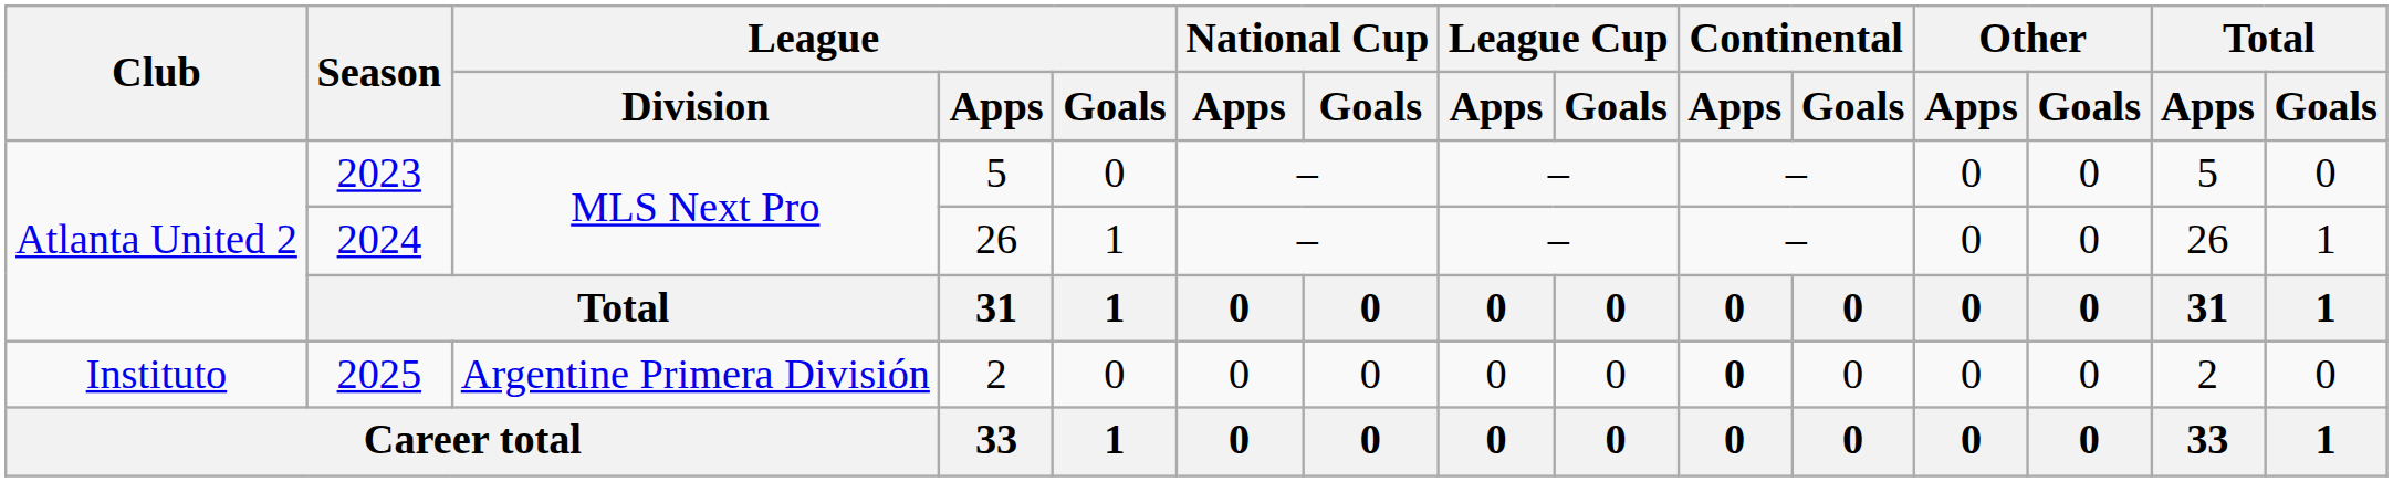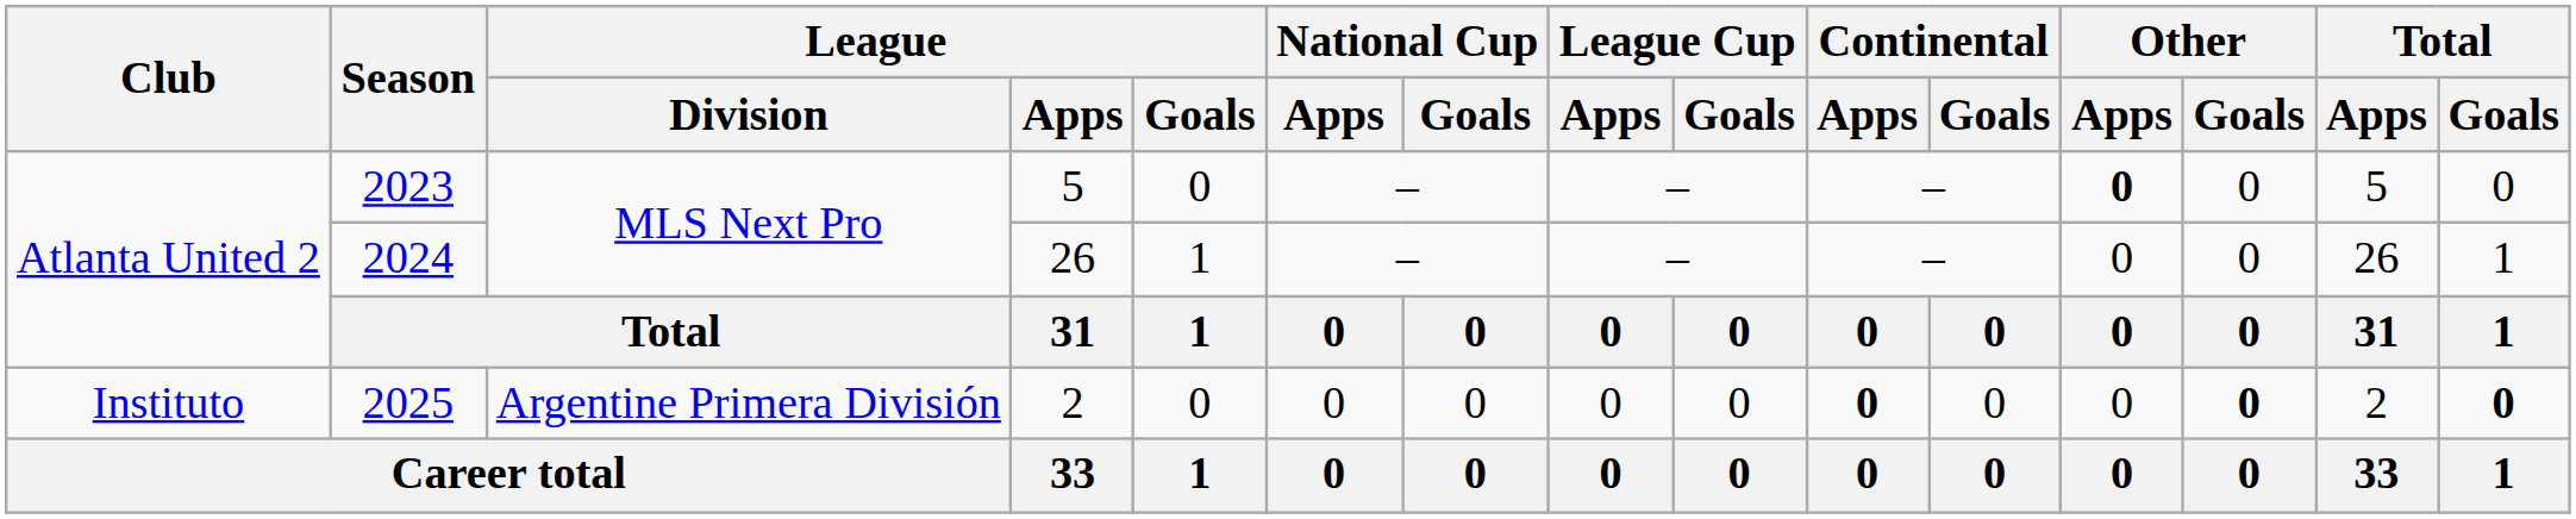 <table class=wikitable style=text-align:center>
 <tr>
 <th rowspan="2">Club</th>
 <th rowspan="2">Season</th>
 <th colspan="3">League</th>
 <th colspan="2">National Cup</th>
 <th colspan="2">League Cup</th>
 <th colspan="2">Continental</th>
 <th colspan="2">Other</th>
 <th colspan="2">Total</th>
 </tr>
 <tr>
 <th>Division</th>
 <th>Apps</th>
 <th>Goals</th>
 <th>Apps</th>
 <th>Goals</th>
 <th>Apps</th>
 <th>Goals</th>
 <th>Apps</th>
 <th>Goals</th>
 <th>Apps</th>
 <th>Goals</th>
 <th>Apps</th>
 <th>Goals</th>
 </tr>
 <tr>
 <td rowspan="3"><a href='#'>Atlanta United 2</a></td>
 <td><a href='#'>2023</a></td>
 <td rowspan="2"><a href='#'>MLS Next Pro</a></td>
 <td>5</td>
 <td>0</td>
 <td colspan="2">–</td>
 <td colspan="2">–</td>
 <td colspan="2">–</td>
-<td>0</td>
+<td><strong>0</strong></td>
 <td>0</td>
 <td>5</td>
 <td>0</td>
 </tr>
 <tr>
 <td><a href='#'>2024</a></td>
 <td>26</td>
 <td>1</td>
 <td colspan="2">–</td>
 <td colspan="2">–</td>
 <td colspan="2">–</td>
 <td>0</td>
 <td>0</td>
 <td>26</td>
 <td>1</td>
 </tr>
 <tr>
 <th colspan="2"><strong>Total</strong></th>
 <th>31</th>
 <th>1</th>
 <th>0</th>
 <th>0</th>
 <th>0</th>
 <th>0</th>
 <th>0</th>
 <th>0</th>
 <th>0</th>
 <th>0</th>
 <th>31</th>
 <th>1</th>
 </tr>
 <tr>
 <td><a href='#'>Instituto</a></td>
 <td><a href='#'>2025</a></td>
 <td><a href='#'>Argentine Primera División</a></td>
 <td>2</td>
 <td>0</td>
 <td>0</td>
 <td>0</td>
 <td>0</td>
 <td>0</td>
 <td><strong>0</strong></td>
 <td>0</td>
 <td>0</td>
-<td>0</td>
+<td><strong>0</strong></td>
 <td>2</td>
-<td>0</td>
+<td><strong>0</strong></td>
 </tr>
 <tr>
 <th colspan="3"><strong>Career total</strong></th>
 <th>33</th>
 <th>1</th>
 <th>0</th>
 <th>0</th>
 <th>0</th>
 <th>0</th>
 <th>0</th>
 <th>0</th>
 <th>0</th>
 <th>0</th>
 <th>33</th>
 <th>1</th>
 </tr>
 </table>
